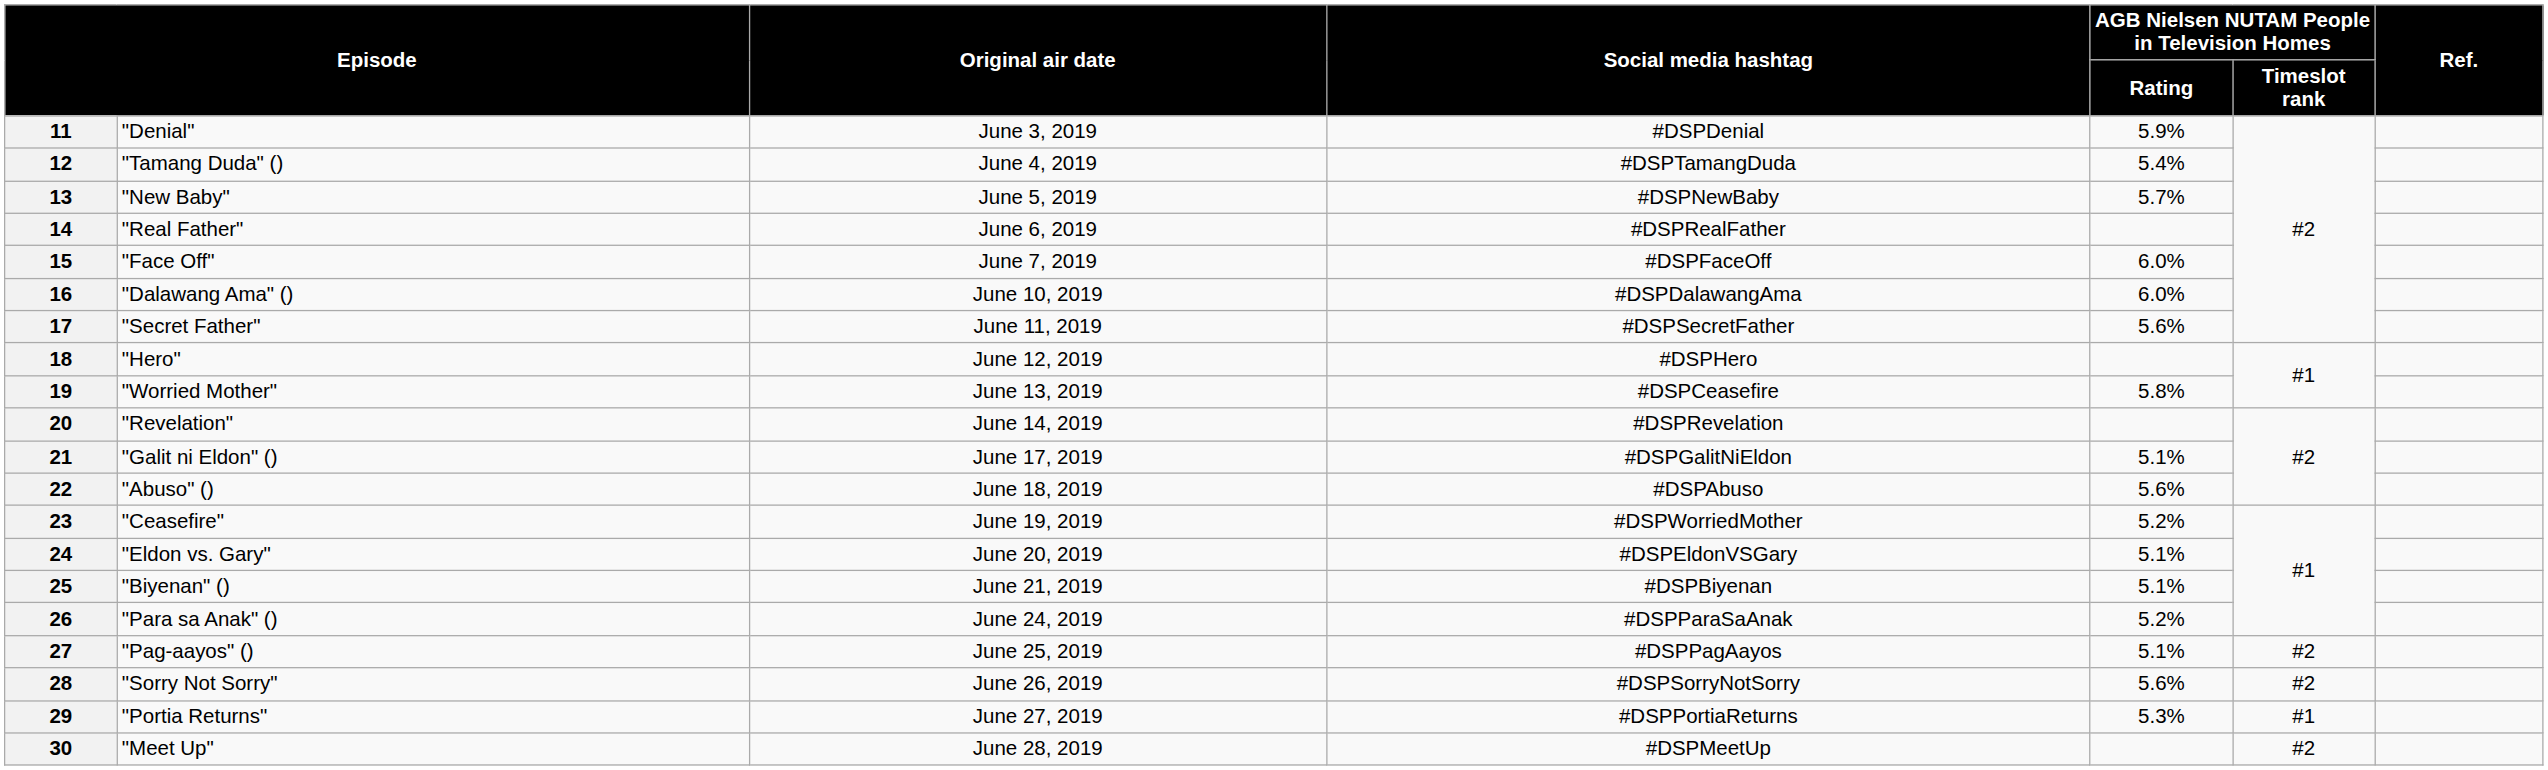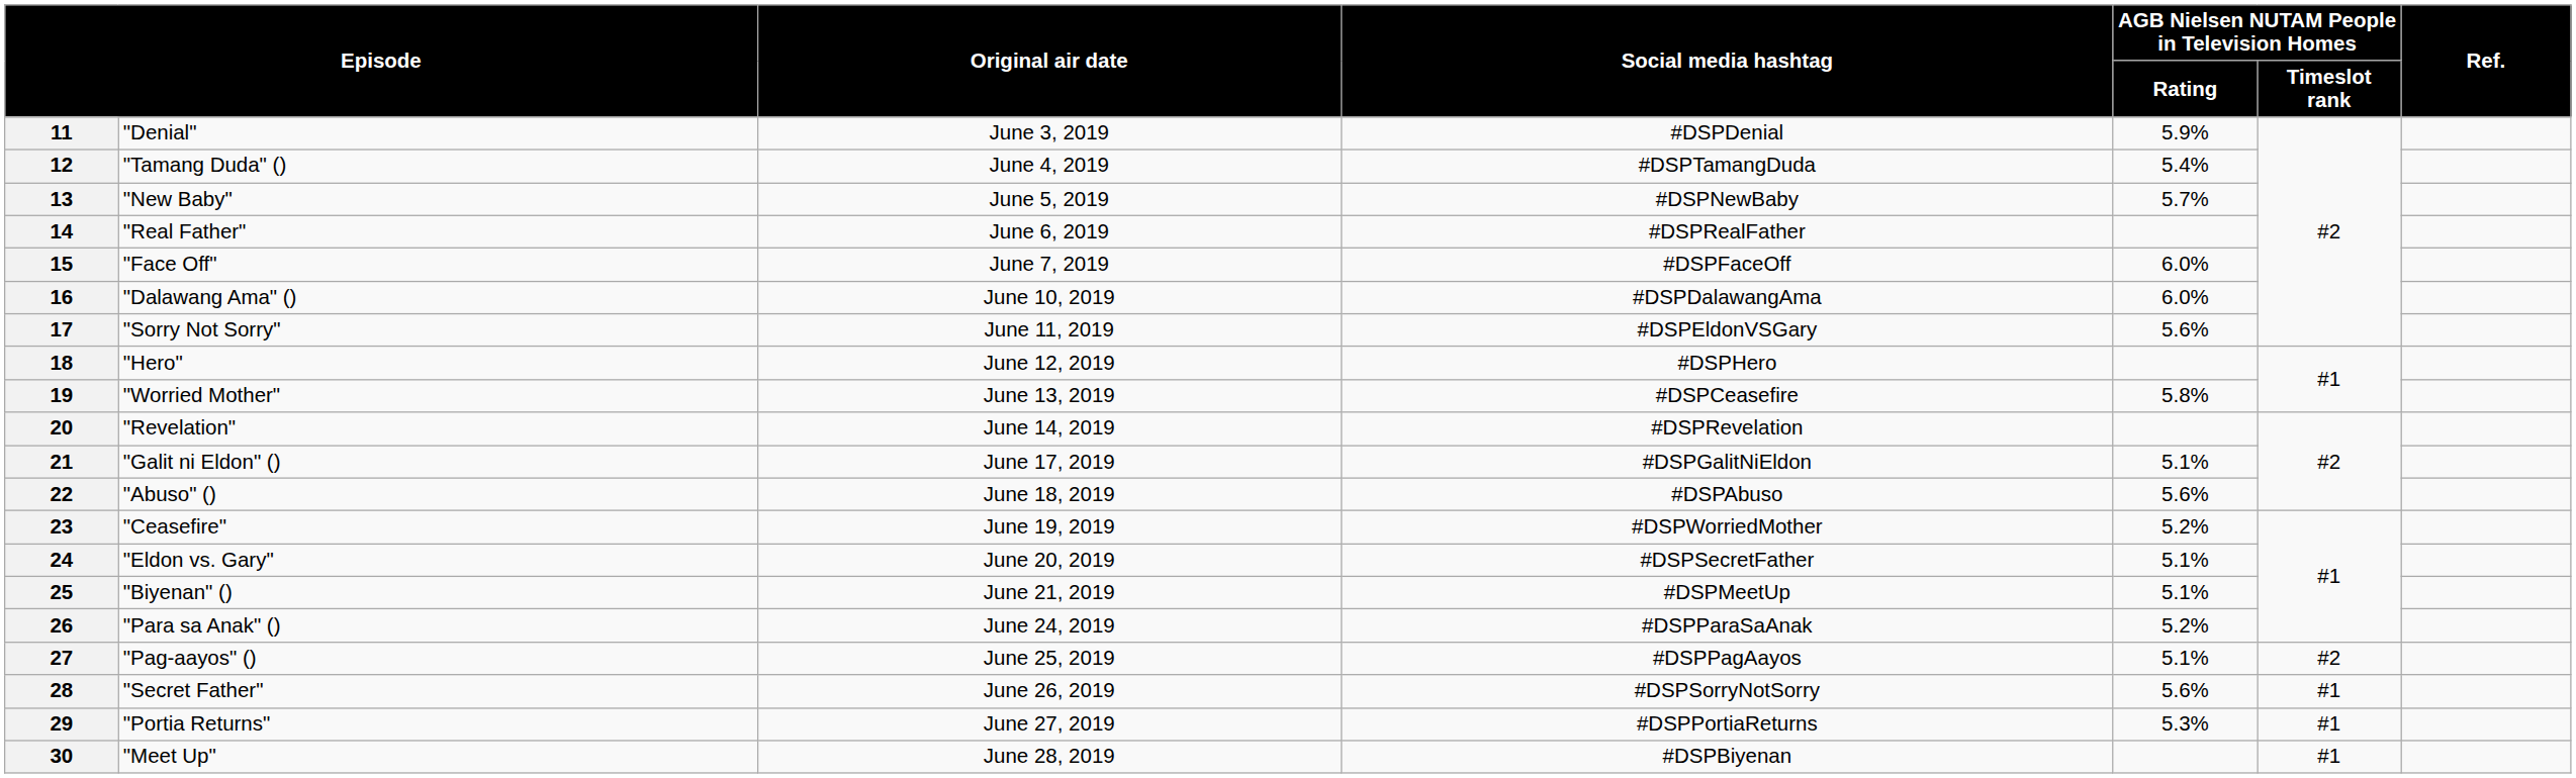 <table class="wikitable" style="text-align:center; font-size:100%; line-height:18px;" width="100%">
 <tr>
 <th style="background-color:#000000; color:#ffffff;" colspan="2" rowspan="2">Episode</th>
 <th style="background-color:#000000; color:white" rowspan="2">Original air date</th>
 <th style="background-color:#000000; color:white" rowspan="2">Social media hashtag</th>
 <th style="background-color:#000000; color:#ffffff;" colspan="2">AGB Nielsen NUTAM People in Television Homes</th>
 <th style="background-color:#000000; color:#ffffff;" rowspan="2">Ref.</th>
 </tr>
 <tr>
 <th style="background-color:#000000; width:75px; color:#ffffff;">Rating</th>
 <th style="background-color:#000000; width:75px; color:#ffffff;">Timeslot<br>rank</th>
 </tr>
 <tr>
 <th>11</th>
 <td style="text-align: left;">"Denial"</td>
 <td>June 3, 2019</td>
 <td>#DSPDenial</td>
 <td>5.9%</td>
 <td rowspan="7">#2</td>
 <td></td>
 </tr>
 <tr>
 <th>12</th>
 <td style="text-align: left;">"Tamang Duda" ()</td>
 <td>June 4, 2019</td>
 <td>#DSPTamangDuda</td>
 <td>5.4%</td>
 <td></td>
 </tr>
 <tr>
 <th>13</th>
 <td style="text-align: left;">"New Baby"</td>
 <td>June 5, 2019</td>
 <td>#DSPNewBaby</td>
 <td>5.7%</td>
 <td></td>
 </tr>
 <tr>
 <th>14</th>
 <td style="text-align: left;">"Real Father"</td>
 <td>June 6, 2019</td>
 <td>#DSPRealFather</td>
 <td></td>
 <td></td>
 </tr>
 <tr>
 <th>15</th>
 <td style="text-align: left;">"Face Off"</td>
 <td>June 7, 2019</td>
 <td>#DSPFaceOff</td>
 <td>6.0%</td>
 <td></td>
 </tr>
 <tr>
 <th>16</th>
 <td style="text-align: left;">"Dalawang Ama" ()</td>
 <td>June 10, 2019</td>
 <td>#DSPDalawangAma</td>
 <td>6.0%</td>
 <td></td>
 </tr>
 <tr>
 <th>17</th>
-<td style="text-align: left;">"Secret Father"</td>
+<td style="text-align: left;">"Sorry Not Sorry"</td>
 <td>June 11, 2019</td>
-<td>#DSPSecretFather</td>
+<td>#DSPEldonVSGary</td>
 <td>5.6%</td>
 <td></td>
 </tr>
 <tr>
 <th>18</th>
 <td style="text-align: left;">"Hero"</td>
 <td>June 12, 2019</td>
 <td>#DSPHero</td>
 <td></td>
 <td rowspan="2">#1</td>
 <td></td>
 </tr>
 <tr>
 <th>19</th>
 <td style="text-align: left;">"Worried Mother"</td>
 <td>June 13, 2019</td>
 <td>#DSPCeasefire</td>
 <td>5.8%</td>
 <td></td>
 </tr>
 <tr>
 <th>20</th>
 <td style="text-align: left;">"Revelation"</td>
 <td>June 14, 2019</td>
 <td>#DSPRevelation</td>
 <td></td>
 <td rowspan="3">#2</td>
 <td></td>
 </tr>
 <tr>
 <th>21</th>
 <td style="text-align: left;">"Galit ni Eldon" ()</td>
 <td>June 17, 2019</td>
 <td>#DSPGalitNiEldon</td>
 <td>5.1%</td>
 <td></td>
 </tr>
 <tr>
 <th>22</th>
 <td style="text-align: left;">"Abuso" ()</td>
 <td>June 18, 2019</td>
 <td>#DSPAbuso</td>
 <td>5.6%</td>
 <td></td>
 </tr>
 <tr>
 <th>23</th>
 <td style="text-align: left;">"Ceasefire"</td>
 <td>June 19, 2019</td>
 <td>#DSPWorriedMother</td>
 <td>5.2%</td>
 <td rowspan="4">#1</td>
 <td></td>
 </tr>
 <tr>
 <th>24</th>
 <td style="text-align: left;">"Eldon vs. Gary"</td>
 <td>June 20, 2019</td>
-<td>#DSPEldonVSGary</td>
+<td>#DSPSecretFather</td>
 <td>5.1%</td>
 <td></td>
 </tr>
 <tr>
 <th>25</th>
 <td style="text-align: left;">"Biyenan" ()</td>
 <td>June 21, 2019</td>
-<td>#DSPBiyenan</td>
+<td>#DSPMeetUp</td>
 <td>5.1%</td>
 <td></td>
 </tr>
 <tr>
 <th>26</th>
 <td style="text-align: left;">"Para sa Anak" ()</td>
 <td>June 24, 2019</td>
 <td>#DSPParaSaAnak</td>
 <td>5.2%</td>
 <td></td>
 </tr>
 <tr>
 <th>27</th>
 <td style="text-align: left;">"Pag-aayos" ()</td>
 <td>June 25, 2019</td>
 <td>#DSPPagAayos</td>
 <td>5.1%</td>
 <td>#2</td>
 <td></td>
 </tr>
 <tr>
 <th>28</th>
-<td style="text-align: left;">"Sorry Not Sorry"</td>
+<td style="text-align: left;">"Secret Father"</td>
 <td>June 26, 2019</td>
 <td>#DSPSorryNotSorry</td>
 <td>5.6%</td>
-<td>#2</td>
+<td>#1</td>
 <td></td>
 </tr>
 <tr>
 <th>29</th>
 <td style="text-align: left;">"Portia Returns"</td>
 <td>June 27, 2019</td>
 <td>#DSPPortiaReturns</td>
 <td>5.3%</td>
 <td>#1</td>
 <td></td>
 </tr>
 <tr>
 <th>30</th>
 <td style="text-align: left;">"Meet Up"</td>
 <td>June 28, 2019</td>
-<td>#DSPMeetUp</td>
+<td>#DSPBiyenan</td>
 <td></td>
-<td>#2</td>
+<td>#1</td>
 <td></td>
 </tr>
 </table>
